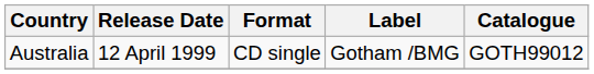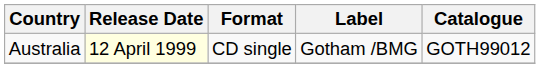 <table class="wikitable" border="1">
 <tr>
 <th>Country</th>
 <th>Release Date</th>
 <th>Format</th>
 <th>Label</th>
 <th>Catalogue</th>
 </tr>
 <tr>
 <td>Australia</td>
-<td>12 April 1999</td>
+<td style="background: lightyellow;">12 April 1999</td>
 <td>CD single</td>
 <td>Gotham /BMG</td>
 <td>GOTH99012</td>
 </tr>
 <tr>
 </tr>
 </table>
